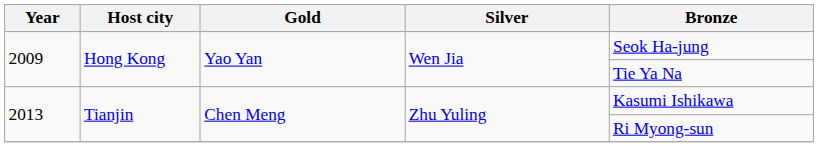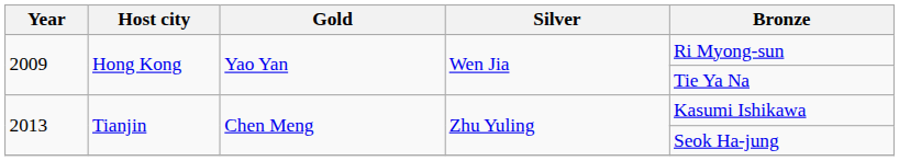 <table class="wikitable" style="text-align: left; width: 750px;">
 <tr>
 <th width="60">Year</th>
 <th width="100">Host city</th>
 <th width="175">Gold</th>
 <th width="175">Silver</th>
 <th width="175">Bronze</th>
 </tr>
 <tr>
 <td rowspan=2>2009</td>
 <td rowspan=2><a href='#'>Hong Kong</a></td>
 <td rowspan=2> <a href='#'>Yao Yan</a></td>
 <td rowspan=2> <a href='#'>Wen Jia</a></td>
-<td> <a href='#'>Seok Ha-jung</a></td>
+<td> <a href='#'>Ri Myong-sun</a></td>
 </tr>
 <tr>
 <td> <a href='#'>Tie Ya Na</a></td>
 </tr>
 <tr>
 <td rowspan=2>2013</td>
 <td rowspan=2><a href='#'>Tianjin</a></td>
 <td rowspan=2> <a href='#'>Chen Meng</a></td>
 <td rowspan=2> <a href='#'>Zhu Yuling</a></td>
 <td> <a href='#'>Kasumi Ishikawa</a></td>
 </tr>
 <tr>
-<td> <a href='#'>Ri Myong-sun</a></td>
+<td> <a href='#'>Seok Ha-jung</a></td>
 </tr>
 <tr>
 </tr>
 </table>
